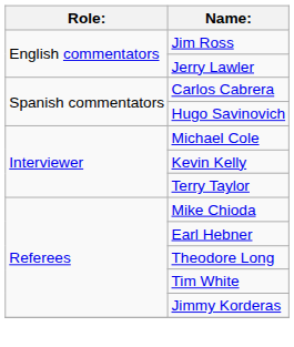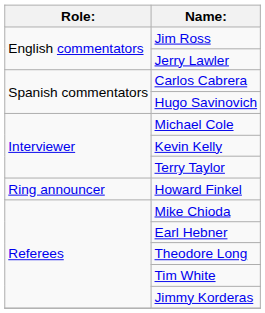 <table class=wikitable style="font-size:90%; margin: 0.5em 0 0.5em 1em; float: right; clear: right;">
 <tr>
 <th>Role:</th>
 <th>Name:</th>
 </tr>
 <tr>
 <td rowspan="2">English <a href='#'>commentators</a></td>
 <td><a href='#'>Jim Ross</a></td>
 </tr>
 <tr>
 <td><a href='#'>Jerry Lawler</a></td>
 </tr>
 <tr>
 <td rowspan="2'">Spanish commentators</td>
 <td><a href='#'>Carlos Cabrera</a></td>
 </tr>
 <tr>
 <td><a href='#'>Hugo Savinovich</a></td>
 </tr>
 <tr>
 <td rowspan="3"><a href='#'>Interviewer</a></td>
 <td><a href='#'>Michael Cole</a></td>
 </tr>
 <tr>
 <td><a href='#'>Kevin Kelly</a></td>
 </tr>
 <tr>
 <td><a href='#'>Terry Taylor</a></td>
 </tr>
 <tr>
+<td><a href='#'>Ring announcer</a></td>
+<td><a href='#'>Howard Finkel</a></td>
+</tr>
+<tr>
 <td rowspan="5"><a href='#'>Referees</a></td>
 <td><a href='#'>Mike Chioda</a></td>
 </tr>
 <tr>
 <td><a href='#'>Earl Hebner</a></td>
 </tr>
 <tr>
 <td><a href='#'>Theodore Long</a></td>
 </tr>
 <tr>
 <td><a href='#'>Tim White</a></td>
 </tr>
 <tr>
 <td><a href='#'>Jimmy Korderas</a></td>
 </tr>
 <tr>
 </tr>
 </table>
